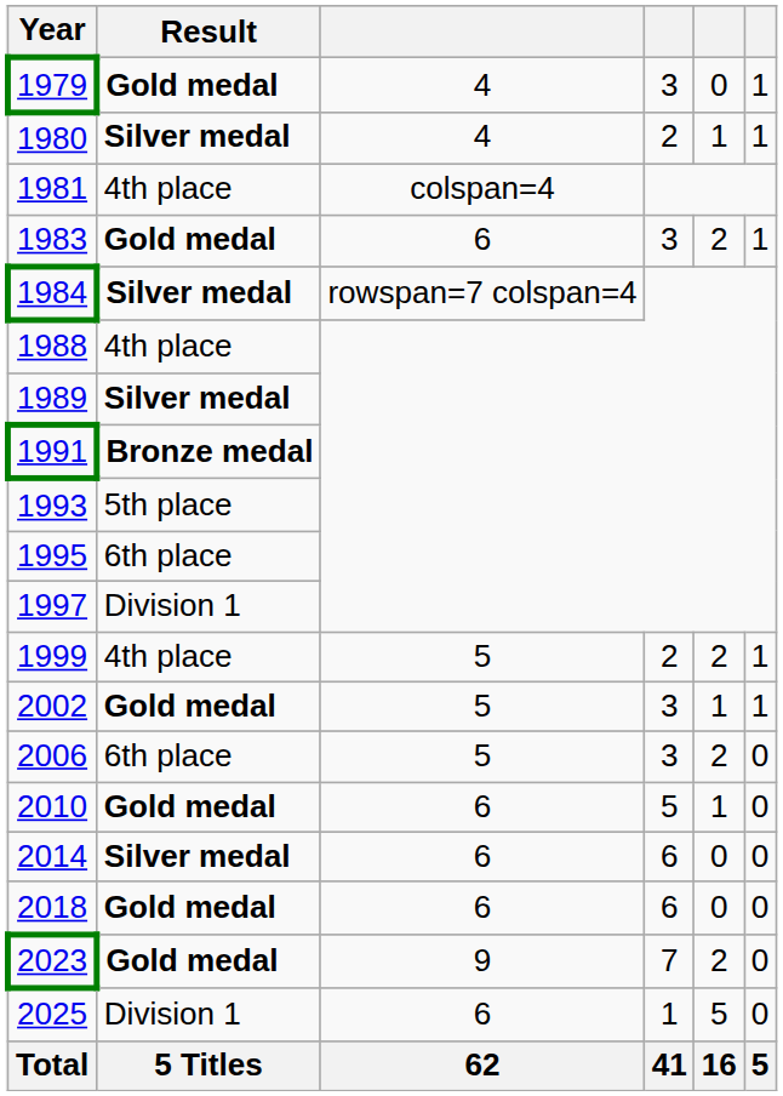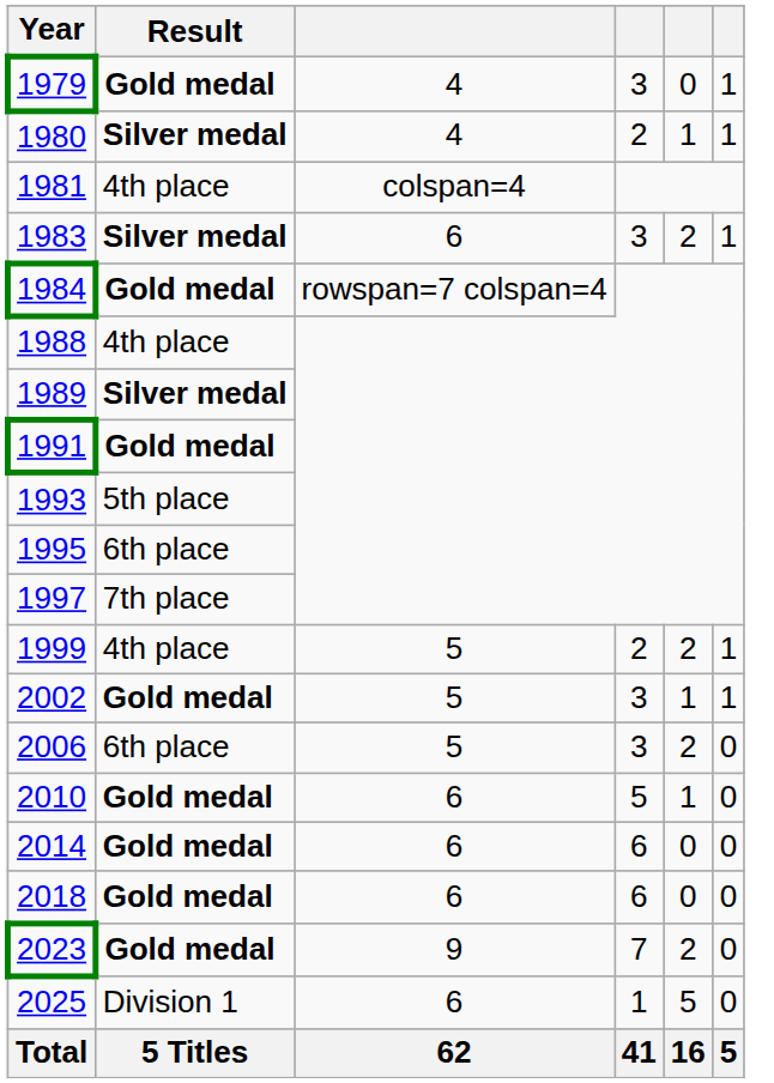 <table class="wikitable" style="text-align: center;">
 <tr>
 <th>Year</th>
 <th>Result</th>
 <th></th>
 <th></th>
 <th></th>
 <th></th>
 </tr>
 <tr>
 <td style="border: 3px solid green"> <a href='#'>1979</a></td>
 <td style="text-align:left;"><strong> Gold medal</strong></td>
 <td>4</td>
 <td>3</td>
 <td>0</td>
 <td>1</td>
 </tr>
 <tr>
 <td> <a href='#'>1980</a></td>
 <td style="text-align:left;"><strong> Silver medal</strong></td>
 <td>4</td>
 <td>2</td>
 <td>1</td>
 <td>1</td>
 </tr>
 <tr>
 <td> <a href='#'>1981</a></td>
 <td style="text-align:left;">4th place</td>
 <td>colspan=4 </td>
 </tr>
 <tr>
 <td> <a href='#'>1983</a></td>
-<td style="text-align:left;"><strong> Gold medal</strong></td>
+<td style="text-align:left;"><strong> Silver medal</strong></td>
 <td>6</td>
 <td>3</td>
 <td>2</td>
 <td>1</td>
 </tr>
 <tr>
 <td style="border: 3px solid green"> <a href='#'>1984</a></td>
-<td style="text-align:left;"><strong> Silver medal</strong></td>
+<td style="text-align:left;"><strong> Gold medal</strong></td>
 <td>rowspan=7 colspan=4 </td>
 </tr>
 <tr>
 <td> <a href='#'>1988</a></td>
 <td style="text-align:left;">4th place</td>
 </tr>
 <tr>
 <td> <a href='#'>1989</a></td>
 <td style="text-align:left;"><strong> Silver medal</strong></td>
 </tr>
 <tr>
 <td style="border: 3px solid green"> <a href='#'>1991</a></td>
-<td style="text-align:left;"><strong> Bronze medal</strong></td>
+<td style="text-align:left;"><strong> Gold medal</strong></td>
 </tr>
 <tr>
 <td> <a href='#'>1993</a></td>
 <td style="text-align:left;">5th place</td>
 </tr>
 <tr>
 <td> <a href='#'>1995</a></td>
 <td style="text-align:left;">6th place</td>
 </tr>
 <tr>
 <td> <a href='#'>1997</a></td>
-<td style="text-align:left;">Division 1</td>
+<td style="text-align:left;">7th place</td>
 </tr>
 <tr>
 <td> <a href='#'>1999</a></td>
 <td style="text-align:left;">4th place</td>
 <td>5</td>
 <td>2</td>
 <td>2</td>
 <td>1</td>
 </tr>
 <tr>
 <td> <a href='#'>2002</a></td>
 <td style="text-align:left;"><strong> Gold medal</strong></td>
 <td>5</td>
 <td>3</td>
 <td>1</td>
 <td>1</td>
 </tr>
 <tr>
 <td> <a href='#'>2006</a></td>
 <td style="text-align:left;">6th place</td>
 <td>5</td>
 <td>3</td>
 <td>2</td>
 <td>0</td>
 </tr>
 <tr>
 <td> <a href='#'>2010</a></td>
 <td style="text-align:left;"><strong> Gold medal</strong></td>
 <td>6</td>
 <td>5</td>
 <td>1</td>
 <td>0</td>
 </tr>
 <tr>
 <td> <a href='#'>2014</a></td>
-<td style="text-align:left;"><strong> Silver medal</strong></td>
+<td style="text-align:left;"><strong> Gold medal</strong></td>
 <td>6</td>
 <td>6</td>
 <td>0</td>
 <td>0</td>
 </tr>
 <tr>
 <td> <a href='#'>2018</a></td>
 <td style="text-align:left;"><strong> Gold medal</strong></td>
 <td>6</td>
 <td>6</td>
 <td>0</td>
 <td>0</td>
 </tr>
 <tr>
 <td style="border: 3px solid green"> <a href='#'>2023</a></td>
 <td style="text-align:left;"><strong> Gold medal</strong></td>
 <td>9</td>
 <td>7</td>
 <td>2</td>
 <td>0</td>
 </tr>
 <tr>
 <td> <a href='#'>2025</a></td>
 <td style="text-align:left;">Division 1</td>
 <td>6</td>
 <td>1</td>
 <td>5</td>
 <td>0</td>
 </tr>
 <tr>
 <th>Total</th>
 <th>5 Titles</th>
 <th>62</th>
 <th>41</th>
 <th>16</th>
 <th>5</th>
 </tr>
 </table>
